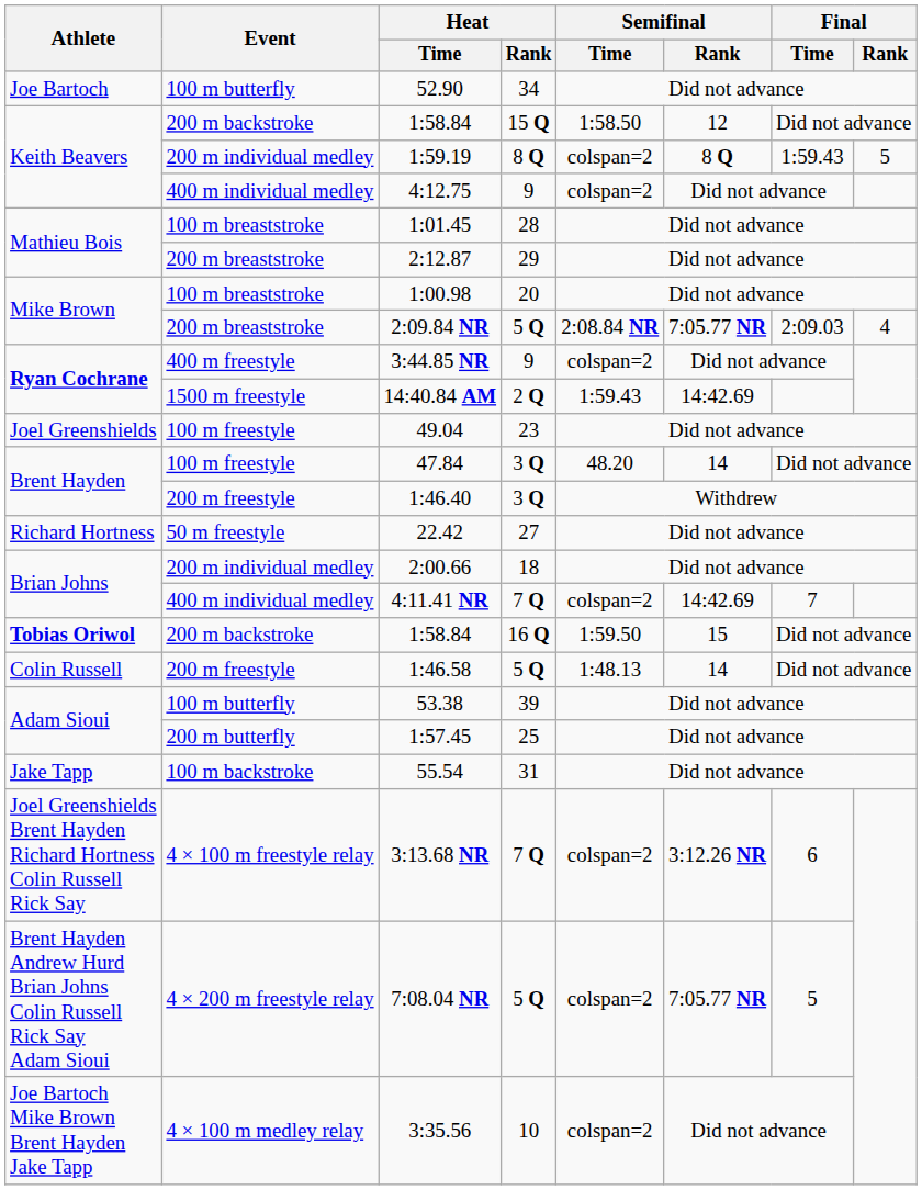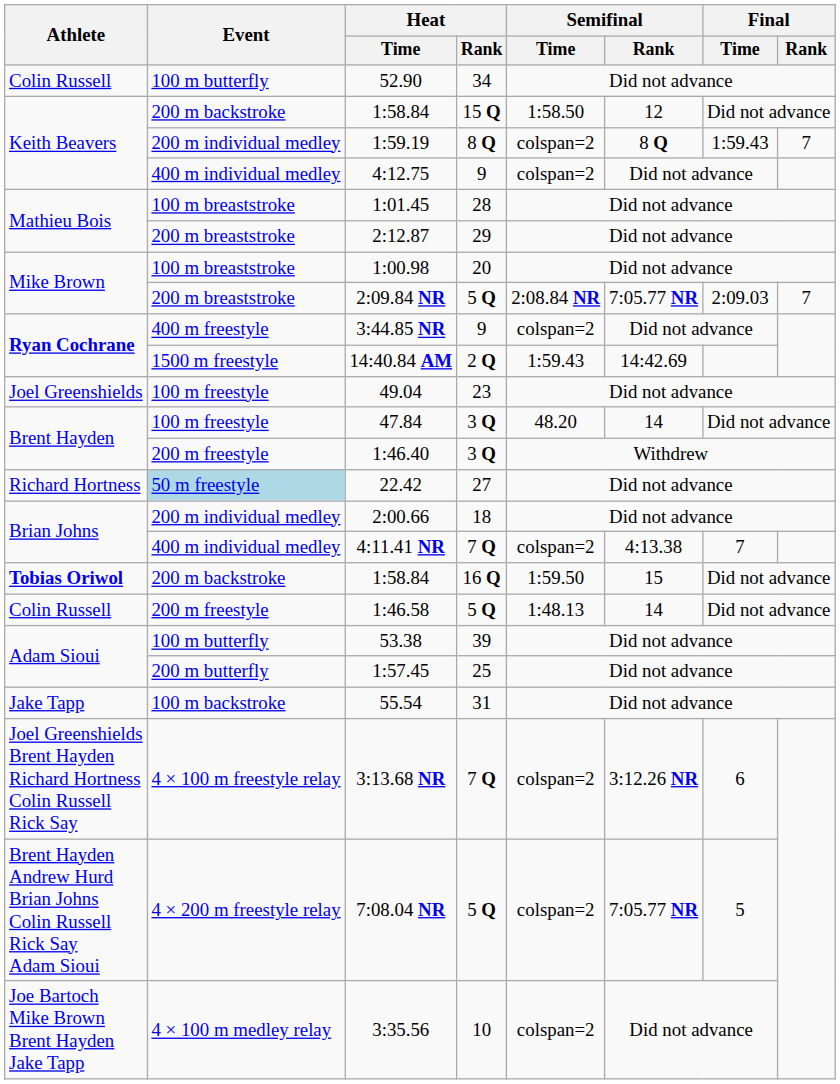 <table class=wikitable style="font-size:90%">
 <tr>
 <th rowspan="2">Athlete</th>
 <th rowspan="2">Event</th>
 <th colspan="2">Heat</th>
 <th colspan="2">Semifinal</th>
 <th colspan="2">Final</th>
 </tr>
 <tr style="font-size:95%">
 <th>Time</th>
 <th>Rank</th>
 <th>Time</th>
 <th>Rank</th>
 <th>Time</th>
 <th>Rank</th>
 </tr>
 <tr align=center>
-<td align=left><a href='#'>Joe Bartoch</a></td>
+<td align=left><a href='#'>Colin Russell</a></td>
 <td align=left><a href='#'>100 m butterfly</a></td>
 <td>52.90</td>
 <td>34</td>
 <td colspan=4>Did not advance</td>
 </tr>
 <tr align=center>
 <td align=left rowspan=3><a href='#'>Keith Beavers</a></td>
 <td align=left><a href='#'>200 m backstroke</a></td>
 <td>1:58.84</td>
 <td>15 <strong>Q</strong></td>
 <td>1:58.50</td>
 <td>12</td>
 <td colspan=2>Did not advance</td>
 </tr>
 <tr align=center>
 <td align=left><a href='#'>200 m individual medley</a></td>
 <td>1:59.19</td>
 <td>8 <strong>Q</strong></td>
 <td>colspan=2 </td>
 <td>8 <strong>Q</strong></td>
 <td>1:59.43</td>
-<td>5</td>
+<td>7</td>
 </tr>
 <tr align=center>
 <td align=left><a href='#'>400 m individual medley</a></td>
 <td>4:12.75</td>
 <td>9</td>
 <td>colspan=2 </td>
 <td colspan=2>Did not advance</td>
 </tr>
 <tr align=center>
 <td align=left rowspan=2><a href='#'>Mathieu Bois</a></td>
 <td align=left><a href='#'>100 m breaststroke</a></td>
 <td>1:01.45</td>
 <td>28</td>
 <td colspan=4>Did not advance</td>
 </tr>
 <tr align=center>
 <td align=left><a href='#'>200 m breaststroke</a></td>
 <td>2:12.87</td>
 <td>29</td>
 <td colspan=4>Did not advance</td>
 </tr>
 <tr align=center>
 <td align=left rowspan=2><a href='#'>Mike Brown</a></td>
 <td align=left><a href='#'>100 m breaststroke</a></td>
 <td>1:00.98</td>
 <td>20</td>
 <td colspan=4>Did not advance</td>
 </tr>
 <tr align=center>
 <td align=left><a href='#'>200 m breaststroke</a></td>
 <td>2:09.84 <strong><a href='#'>NR</a></strong></td>
 <td>5 <strong>Q</strong></td>
 <td>2:08.84 <strong><a href='#'>NR</a></strong></td>
 <td>7:05.77 <strong><a href='#'>NR</a></strong></td>
 <td>2:09.03</td>
-<td>4</td>
+<td>7</td>
 </tr>
 <tr align=center>
 <td align=left rowspan=2><strong><a href='#'>Ryan Cochrane</a></strong></td>
 <td align=left><a href='#'>400 m freestyle</a></td>
 <td>3:44.85 <strong><a href='#'>NR</a></strong></td>
 <td>9</td>
 <td>colspan=2 </td>
 <td colspan=2>Did not advance</td>
 </tr>
 <tr align=center>
 <td align=left><a href='#'>1500 m freestyle</a></td>
 <td>14:40.84 <strong><a href='#'>AM</a></strong></td>
 <td>2 <strong>Q</strong></td>
 <td>1:59.43</td>
 <td>14:42.69</td>
 <td></td>
 </tr>
 <tr align=center>
 <td align=left><a href='#'>Joel Greenshields</a></td>
 <td align=left><a href='#'>100 m freestyle</a></td>
 <td>49.04</td>
 <td>23</td>
 <td colspan=4>Did not advance</td>
 </tr>
 <tr align=center>
 <td align=left rowspan=2><a href='#'>Brent Hayden</a></td>
 <td align=left><a href='#'>100 m freestyle</a></td>
 <td>47.84</td>
 <td>3 <strong>Q</strong></td>
 <td>48.20</td>
 <td>14</td>
 <td colspan=2>Did not advance</td>
 </tr>
 <tr align=center>
 <td align=left><a href='#'>200 m freestyle</a></td>
 <td>1:46.40</td>
 <td>3 <strong>Q</strong></td>
 <td colspan=4>Withdrew</td>
 </tr>
 <tr align=center>
 <td align=left><a href='#'>Richard Hortness</a></td>
-<td align=left><a href='#'>50 m freestyle</a></td>
+<td align=left style="background: lightblue;"><a href='#'>50 m freestyle</a></td>
 <td>22.42</td>
 <td>27</td>
 <td colspan=4>Did not advance</td>
 </tr>
 <tr align=center>
 <td align=left rowspan=2><a href='#'>Brian Johns</a></td>
 <td align=left><a href='#'>200 m individual medley</a></td>
 <td>2:00.66</td>
 <td>18</td>
 <td colspan=4>Did not advance</td>
 </tr>
 <tr align=center>
 <td align=left><a href='#'>400 m individual medley</a></td>
 <td>4:11.41 <strong><a href='#'>NR</a></strong></td>
 <td>7 <strong>Q</strong></td>
 <td>colspan=2 </td>
-<td>14:42.69</td>
+<td>4:13.38</td>
 <td>7</td>
 </tr>
 <tr align=center>
 <td align=left><strong><a href='#'>Tobias Oriwol</a></strong></td>
 <td align=left><a href='#'>200 m backstroke</a></td>
 <td>1:58.84</td>
 <td>16 <strong>Q</strong></td>
 <td>1:59.50</td>
 <td>15</td>
 <td colspan=2>Did not advance</td>
 </tr>
 <tr align=center>
 <td align=left><a href='#'>Colin Russell</a></td>
 <td align=left><a href='#'>200 m freestyle</a></td>
 <td>1:46.58</td>
 <td>5 <strong>Q</strong></td>
 <td>1:48.13</td>
 <td>14</td>
 <td colspan=4>Did not advance</td>
 </tr>
 <tr align=center>
 <td align=left rowspan=2><a href='#'>Adam Sioui</a></td>
 <td align=left><a href='#'>100 m butterfly</a></td>
 <td>53.38</td>
 <td>39</td>
 <td colspan=4>Did not advance</td>
 </tr>
 <tr align=center>
 <td align=left><a href='#'>200 m butterfly</a></td>
 <td>1:57.45</td>
 <td>25</td>
 <td colspan=4>Did not advance</td>
 </tr>
 <tr align=center>
 <td align=left><a href='#'>Jake Tapp</a></td>
 <td align=left><a href='#'>100 m backstroke</a></td>
 <td>55.54</td>
 <td>31</td>
 <td colspan=4>Did not advance</td>
 </tr>
 <tr align=center>
 <td align=left><a href='#'>Joel Greenshields</a><br><a href='#'>Brent Hayden</a><br><a href='#'>Richard Hortness</a><br><a href='#'>Colin Russell</a><br><a href='#'>Rick Say</a></td>
 <td align=left><a href='#'>4 × 100 m freestyle relay</a></td>
 <td>3:13.68 <strong><a href='#'>NR</a></strong></td>
 <td>7 <strong>Q</strong></td>
 <td>colspan=2 </td>
 <td>3:12.26 <strong><a href='#'>NR</a></strong></td>
 <td>6</td>
 </tr>
 <tr align=center>
 <td align=left><a href='#'>Brent Hayden</a><br><a href='#'>Andrew Hurd</a><br><a href='#'>Brian Johns</a><br><a href='#'>Colin Russell</a><br><a href='#'>Rick Say</a><br><a href='#'>Adam Sioui</a></td>
 <td align=left><a href='#'>4 × 200 m freestyle relay</a></td>
 <td>7:08.04 <strong><a href='#'>NR</a></strong></td>
 <td>5 <strong>Q</strong></td>
 <td>colspan=2 </td>
 <td>7:05.77 <strong><a href='#'>NR</a></strong></td>
 <td>5</td>
 </tr>
 <tr align=center>
 <td align=left><a href='#'>Joe Bartoch</a><br><a href='#'>Mike Brown</a><br><a href='#'>Brent Hayden</a><br><a href='#'>Jake Tapp</a></td>
 <td align=left><a href='#'>4 × 100 m medley relay</a></td>
 <td>3:35.56</td>
 <td>10</td>
 <td>colspan=2 </td>
 <td colspan=2>Did not advance</td>
 </tr>
 </table>
